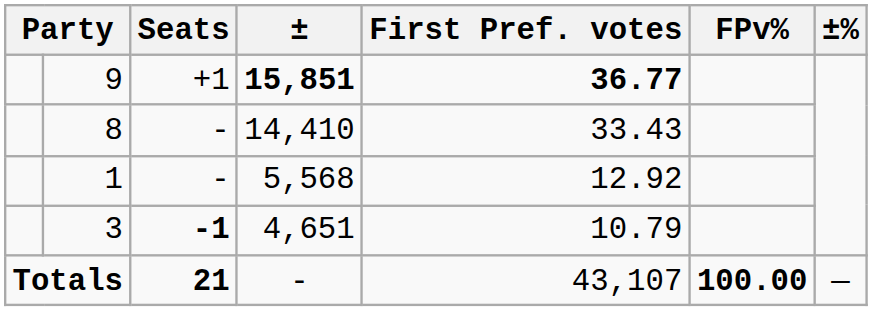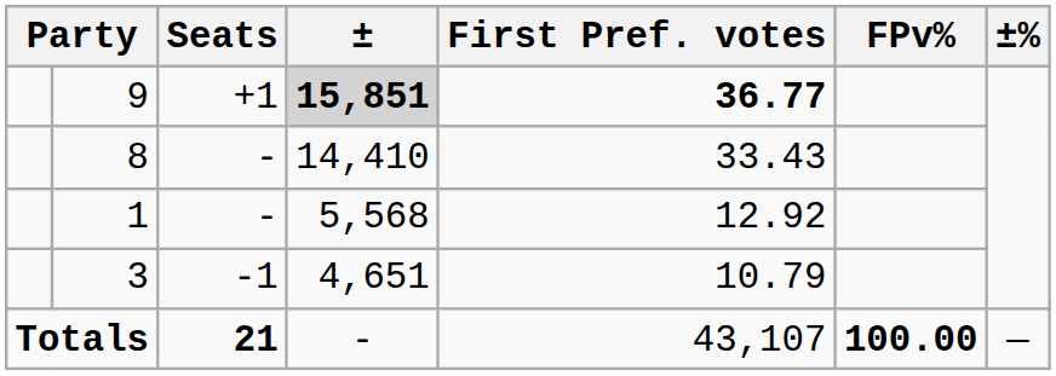 <table class=wikitable>
 <tr>
 <th colspan=2 align=center>Party</th>
 <th valign=top>Seats</th>
 <th valign=top>±</th>
 <th valign=top>First Pref. votes</th>
 <th valign=top>FPv%</th>
 <th valign=top>±%</th>
 </tr>
 <tr>
 <td></td>
 <td align=right>9</td>
 <td align=right>+1</td>
-<td align=right><strong>15,851</strong></td>
+<td align=right style="background: lightgrey;"><strong>15,851</strong></td>
 <td align=right><strong>36.77</strong></td>
 <td align=right></td>
 </tr>
 <tr>
 <td></td>
 <td align=right>8</td>
 <td align=right>-</td>
 <td align=right>14,410</td>
 <td align=right>33.43</td>
 <td align=right></td>
 </tr>
 <tr>
 <td></td>
 <td align=right>1</td>
 <td align=right>-</td>
 <td align=right>5,568</td>
 <td align=right>12.92</td>
 <td align=right></td>
 </tr>
 <tr>
 <td></td>
 <td align=right>3</td>
-<td align=right><strong>-1</strong></td>
+<td align=right>-1</td>
 <td align=right>4,651</td>
 <td align=right>10.79</td>
 <td align=right></td>
 </tr>
 <tr>
 <td colspan=2 align=center><strong>Totals</strong></td>
 <td align=right><strong>21</strong></td>
 <td align=center>-</td>
 <td align=right>43,107</td>
 <td align=center><strong>100.00</strong></td>
 <td align=center>—</td>
 </tr>
 </table>
